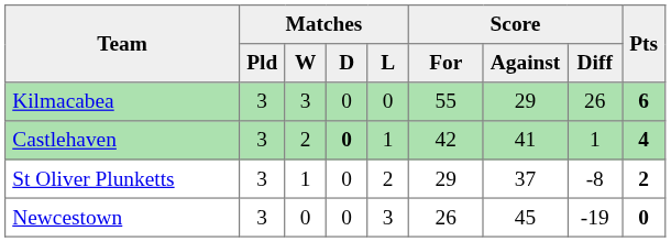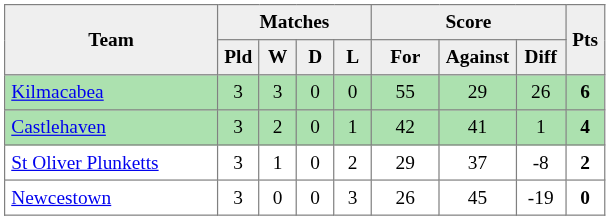 <table style=border-collapse:collapse border=1 cellspacing=0 cellpadding=5>
 <tr align=center bgcolor=#efefef>
 <th rowspan=2 width=165>Team</th>
 <th colspan=4>Matches</th>
 <th colspan=3>Score</th>
 <th rowspan=2width=20>Pts</th>
 </tr>
 <tr align=center bgcolor=#efefef>
 <th width=20>Pld</th>
 <th width=20>W</th>
 <th width=20>D</th>
 <th width=20>L</th>
 <th width=45>For</th>
 <th width=45>Against</th>
 <th width=30>Diff</th>
 </tr>
 <tr align=center style="background:#ACE1AF;">
 <td style="text-align:left;"><a href='#'>Kilmacabea</a></td>
 <td>3</td>
 <td>3</td>
 <td>0</td>
 <td>0</td>
 <td>55</td>
 <td>29</td>
 <td>26</td>
 <td><strong>6</strong></td>
 </tr>
 <tr align=center style="background:#ACE1AF;">
 <td style="text-align:left;"><a href='#'>Castlehaven</a></td>
 <td>3</td>
 <td>2</td>
-<td><strong>0</strong></td>
+<td>0</td>
 <td>1</td>
 <td>42</td>
 <td>41</td>
 <td>1</td>
 <td><strong>4</strong></td>
 </tr>
 <tr align=center>
 <td style="text-align:left;"><a href='#'>St Oliver Plunketts</a></td>
 <td>3</td>
 <td>1</td>
 <td>0</td>
 <td>2</td>
 <td>29</td>
 <td>37</td>
 <td>-8</td>
 <td><strong>2</strong></td>
 </tr>
 <tr align=center>
 <td style="text-align:left;"><a href='#'>Newcestown</a></td>
 <td>3</td>
 <td>0</td>
 <td>0</td>
 <td>3</td>
 <td>26</td>
 <td>45</td>
 <td>-19</td>
 <td><strong>0</strong></td>
 </tr>
 </table>
